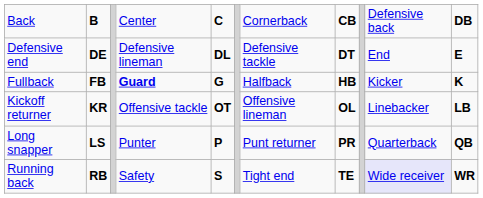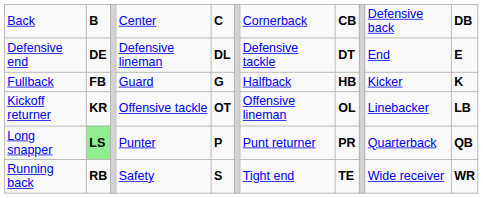 <table class="wikitable">
 <tr>
 <td><a href='#'>Back</a></td>
 <td><strong>B</strong></td>
 <td rowspan="6" style="background-color:lightgrey;"></td>
 <td><a href='#'>Center</a></td>
 <td><strong>C</strong></td>
 <td rowspan="6" style="background-color:lightgrey;"></td>
 <td><a href='#'>Cornerback</a></td>
 <td><strong>CB</strong></td>
 <td rowspan="6" style="background-color:lightgrey;"></td>
 <td><a href='#'>Defensive back</a></td>
 <td><strong>DB</strong></td>
 </tr>
 <tr>
 <td><a href='#'>Defensive end</a></td>
 <td><strong>DE</strong></td>
 <td><a href='#'>Defensive lineman</a></td>
 <td><strong>DL</strong></td>
 <td><a href='#'>Defensive tackle</a></td>
 <td><strong>DT</strong></td>
 <td><a href='#'>End</a></td>
 <td><strong>E</strong></td>
 </tr>
 <tr>
 <td><a href='#'>Fullback</a></td>
 <td><strong>FB</strong></td>
-<td><strong><a href='#'>Guard</a></strong></td>
+<td><a href='#'>Guard</a></td>
 <td><strong>G</strong></td>
 <td><a href='#'>Halfback</a></td>
 <td><strong>HB</strong></td>
 <td><a href='#'>Kicker</a></td>
 <td><strong>K</strong></td>
 </tr>
 <tr>
 <td><a href='#'>Kickoff returner</a></td>
 <td><strong>KR</strong></td>
 <td><a href='#'>Offensive tackle</a></td>
 <td><strong>OT</strong></td>
 <td><a href='#'>Offensive lineman</a></td>
 <td><strong>OL</strong></td>
 <td><a href='#'>Linebacker</a></td>
 <td><strong>LB</strong></td>
 </tr>
 <tr>
 <td><a href='#'>Long snapper</a></td>
-<td><strong>LS</strong></td>
+<td style="background: lightgreen;"><strong>LS</strong></td>
 <td><a href='#'>Punter</a></td>
 <td><strong>P</strong></td>
 <td><a href='#'>Punt returner</a></td>
 <td><strong>PR</strong></td>
 <td><a href='#'>Quarterback</a></td>
 <td><strong>QB</strong></td>
 </tr>
 <tr>
 <td><a href='#'>Running back</a></td>
 <td><strong>RB</strong></td>
 <td><a href='#'>Safety</a></td>
 <td><strong>S</strong></td>
 <td><a href='#'>Tight end</a></td>
 <td><strong>TE</strong></td>
-<td style="background: lavender;"><a href='#'>Wide receiver</a></td>
+<td><a href='#'>Wide receiver</a></td>
 <td><strong>WR</strong></td>
 </tr>
 </table>
